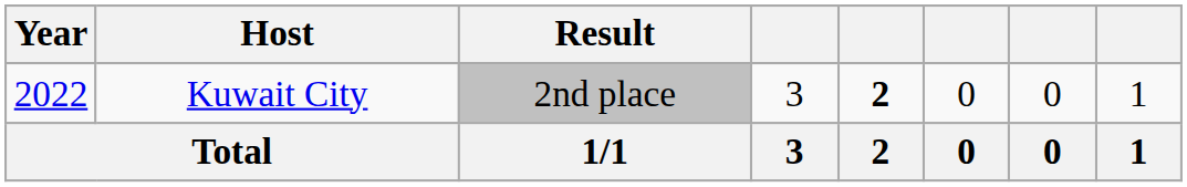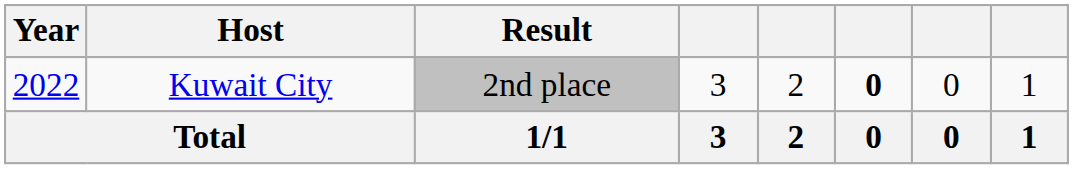 <table class="wikitable" style="text-align:center">
 <tr>
 <th width=30>Year</th>
 <th width=150>Host</th>
 <th width=120>Result</th>
 <th width=30></th>
 <th width=30></th>
 <th width=30></th>
 <th width=30></th>
 <th width=30></th>
 </tr>
 <tr>
 <td><a href='#'>2022</a></td>
 <td> <a href='#'>Kuwait City</a></td>
 <td bgcolor="silver"> 2nd place</td>
 <td>3</td>
-<td><strong>2</strong></td>
-<td>0</td>
+<td>2</td>
+<td><strong>0</strong></td>
 <td>0</td>
 <td>1</td>
 </tr>
 <tr>
 <th colspan=2>Total</th>
 <th>1/1</th>
 <th>3</th>
 <th>2</th>
 <th>0</th>
 <th>0</th>
 <th>1</th>
 </tr>
 </table>
